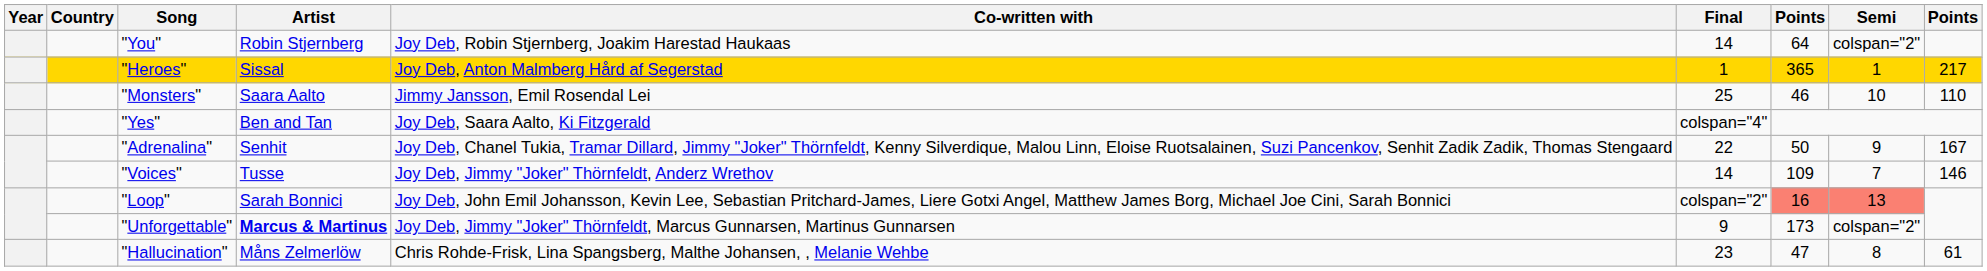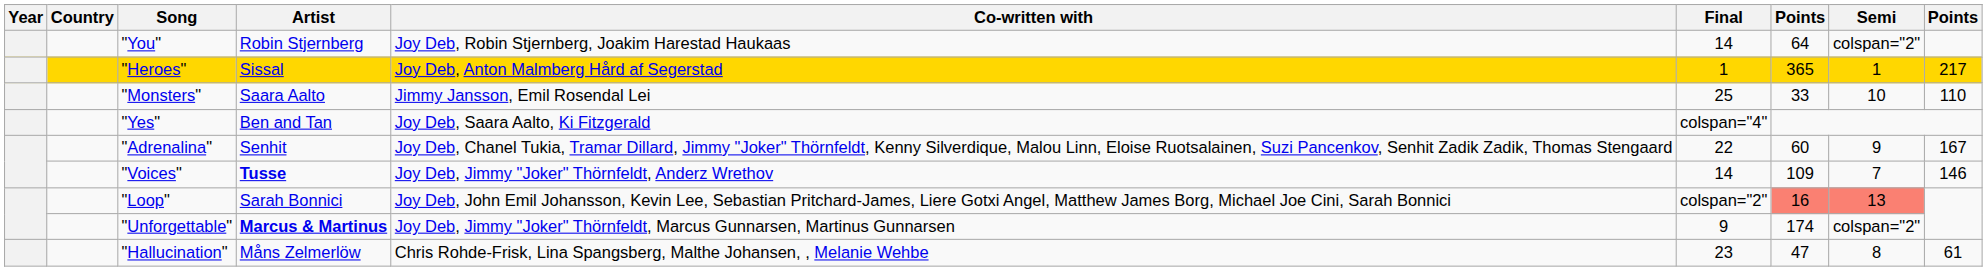 <table class="sortable wikitable plainrowheaders">
 <tr>
 <th scope="col">Year</th>
 <th scope="col">Country</th>
 <th scope="col">Song</th>
 <th scope="col">Artist</th>
 <th scope="col">Co-written with</th>
 <th scope="col">Final</th>
 <th scope="col">Points</th>
 <th scope="col">Semi</th>
 <th scope="col">Points</th>
 </tr>
 <tr>
 <th scope="row" style="text-align:center;"></th>
 <td></td>
 <td>"<a href='#'>You</a>"</td>
 <td><a href='#'>Robin Stjernberg</a></td>
 <td><a href='#'>Joy Deb</a>, Robin Stjernberg, Joakim Harestad Haukaas</td>
 <td align="center">14</td>
 <td align="center">64</td>
 <td>colspan="2" </td>
 </tr>
 <tr style="background:gold;">
 <th scope="row" style="text-align:center;"></th>
 <td></td>
 <td>"<a href='#'>Heroes</a>"</td>
 <td><a href='#'>Sissal</a></td>
 <td><a href='#'>Joy Deb</a>, <a href='#'>Anton Malmberg Hård af Segerstad</a></td>
 <td align="center">1</td>
 <td align="center">365</td>
 <td align="center">1</td>
 <td align="center">217</td>
 </tr>
 <tr>
 <th scope="row" style="text-align:center;"></th>
 <td></td>
 <td>"<a href='#'>Monsters</a>"</td>
 <td><a href='#'>Saara Aalto</a></td>
 <td><a href='#'>Jimmy Jansson</a>, Emil Rosendal Lei</td>
 <td align=center>25</td>
-<td align=center>46</td>
+<td align=center>33</td>
 <td align=center>10</td>
 <td align=center>110</td>
 </tr>
 <tr>
 <th scope="row" style="text-align:center;"></th>
 <td></td>
 <td>"<a href='#'>Yes</a>"</td>
 <td><a href='#'>Ben and Tan</a></td>
 <td><a href='#'>Joy Deb</a>, Saara Aalto, <a href='#'>Ki Fitzgerald</a></td>
 <td>colspan="4" </td>
 </tr>
 <tr>
 <th rowspan="2" scope="row" style="text-align:center;"></th>
 <td></td>
 <td>"<a href='#'>Adrenalina</a>"</td>
 <td><a href='#'>Senhit</a></td>
 <td><a href='#'>Joy Deb</a>, Chanel Tukia, <a href='#'>Tramar Dillard</a>, <a href='#'>Jimmy "Joker" Thörnfeldt</a>, Kenny Silverdique, Malou Linn, Eloise Ruotsalainen, <a href='#'>Suzi Pancenkov</a>, Senhit Zadik Zadik, Thomas Stengaard</td>
 <td align=center>22</td>
-<td align=center>50</td>
+<td align=center>60</td>
 <td align=center>9</td>
 <td align=center>167</td>
 </tr>
 <tr>
 <td></td>
 <td>"<a href='#'>Voices</a>"</td>
-<td><a href='#'>Tusse</a></td>
+<td><strong><a href='#'>Tusse</a></strong></td>
 <td><a href='#'>Joy Deb</a>, <a href='#'>Jimmy "Joker" Thörnfeldt</a>, <a href='#'>Anderz Wrethov</a></td>
 <td align=center>14</td>
 <td align=center>109</td>
 <td align=center>7</td>
 <td align=center>146</td>
 </tr>
 <tr>
 <th rowspan="2" scope="row" style="text-align:center;"></th>
 <td></td>
 <td>"<a href='#'>Loop</a>"</td>
 <td><a href='#'>Sarah Bonnici</a></td>
 <td><a href='#'>Joy Deb</a>, John Emil Johansson, Kevin Lee, Sebastian Pritchard-James, Liere Gotxi Angel, Matthew James Borg, Michael Joe Cini, Sarah Bonnici</td>
 <td>colspan="2" </td>
 <td bgcolor="salmon" align=center>16</td>
 <td bgcolor="salmon" align=center>13</td>
 </tr>
 <tr>
 <td></td>
 <td>"<a href='#'>Unforgettable</a>"</td>
 <td><strong><a href='#'>Marcus & Martinus</a></strong></td>
 <td><a href='#'>Joy Deb</a>, <a href='#'>Jimmy "Joker" Thörnfeldt</a>, Marcus Gunnarsen, Martinus Gunnarsen</td>
 <td align=center>9</td>
-<td align=center>173</td>
+<td align=center>174</td>
 <td>colspan="2" </td>
 </tr>
 <tr>
 <th rowspan="1" scope="row" style="text-align:center;"></th>
 <td></td>
 <td>"<a href='#'>Hallucination</a>"</td>
 <td><a href='#'>Måns Zelmerlöw</a></td>
 <td>Chris Rohde-Frisk, Lina Spangsberg, Malthe Johansen, , <a href='#'>Melanie Wehbe</a></td>
 <td align=center>23</td>
 <td align=center>47</td>
 <td align=center>8</td>
 <td align=center>61</td>
 </tr>
 </table>
